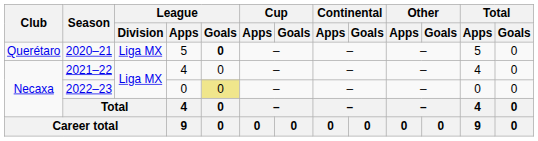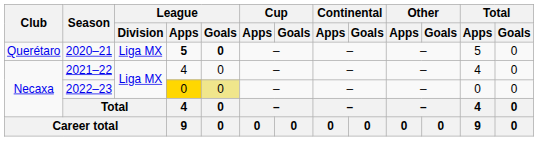 <table class="wikitable" style="text-align: center">
 <tr>
 <th rowspan="2">Club</th>
 <th rowspan="2">Season</th>
 <th colspan="3">League</th>
 <th colspan="2">Cup</th>
 <th colspan="2">Continental</th>
 <th colspan="2">Other</th>
 <th colspan="2">Total</th>
 </tr>
 <tr>
 <th>Division</th>
 <th>Apps</th>
 <th>Goals</th>
 <th>Apps</th>
 <th>Goals</th>
 <th>Apps</th>
 <th>Goals</th>
 <th>Apps</th>
 <th>Goals</th>
 <th>Apps</th>
 <th>Goals</th>
 </tr>
 <tr>
 <td><a href='#'>Querétaro</a></td>
 <td><a href='#'>2020–21</a></td>
 <td><a href='#'>Liga MX</a></td>
-<td>5</td>
+<td><strong>5</strong></td>
 <td><strong>0</strong></td>
 <td colspan="2">–</td>
 <td colspan="2">–</td>
 <td colspan="2">–</td>
 <td>5</td>
 <td>0</td>
 </tr>
 <tr>
 <td rowspan="3"><a href='#'>Necaxa</a></td>
 <td><a href='#'>2021–22</a></td>
 <td rowspan="2"><a href='#'>Liga MX</a></td>
 <td>4</td>
 <td>0</td>
 <td colspan="2">–</td>
 <td colspan="2">–</td>
 <td colspan="2">–</td>
 <td>4</td>
 <td>0</td>
 </tr>
 <tr>
 <td><a href='#'>2022–23</a></td>
-<td>0</td>
+<td style="background: gold;">0</td>
 <td style="background: khaki;">0</td>
 <td colspan=2>–</td>
 <td colspan=2>–</td>
 <td colspan=2>–</td>
 <td>0</td>
 <td>0</td>
 </tr>
 <tr>
 <th colspan="2">Total</th>
 <th>4</th>
 <th>0</th>
 <th colspan="2">–</th>
 <th colspan="2">–</th>
 <th colspan="2">–</th>
 <th>4</th>
 <th>0</th>
 </tr>
 <tr>
 <th colspan="3"><strong>Career total</strong></th>
 <th>9</th>
 <th>0</th>
 <th>0</th>
 <th>0</th>
 <th>0</th>
 <th>0</th>
 <th>0</th>
 <th>0</th>
 <th>9</th>
 <th>0</th>
 </tr>
 </table>
